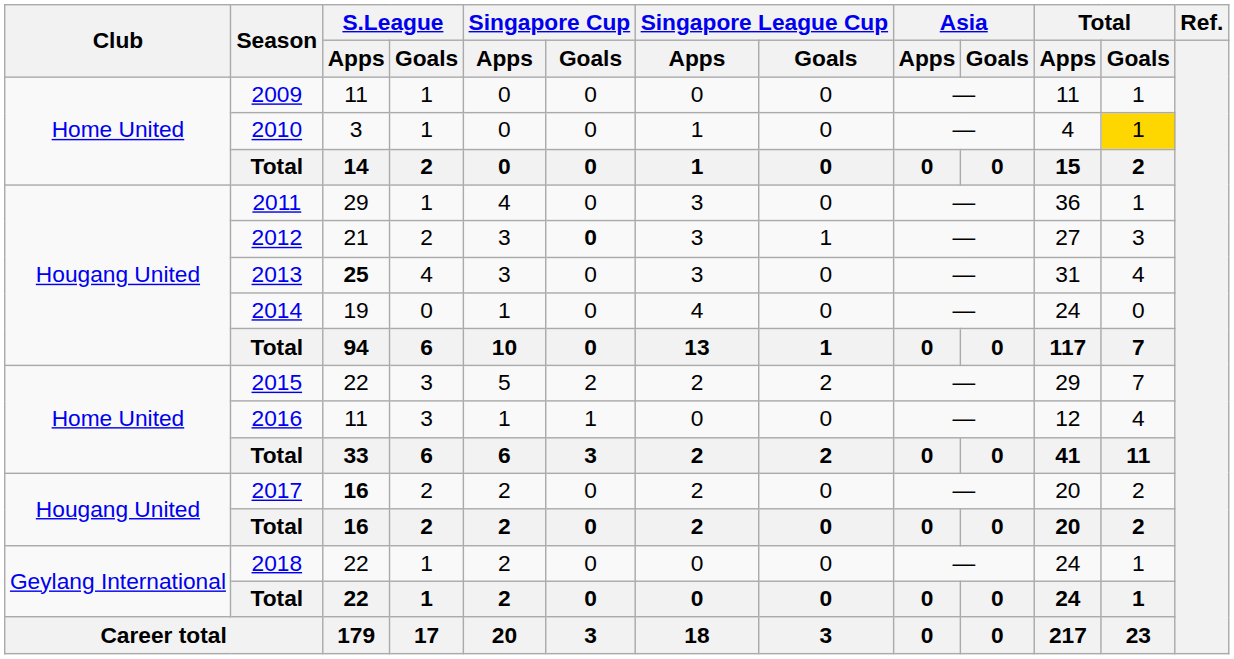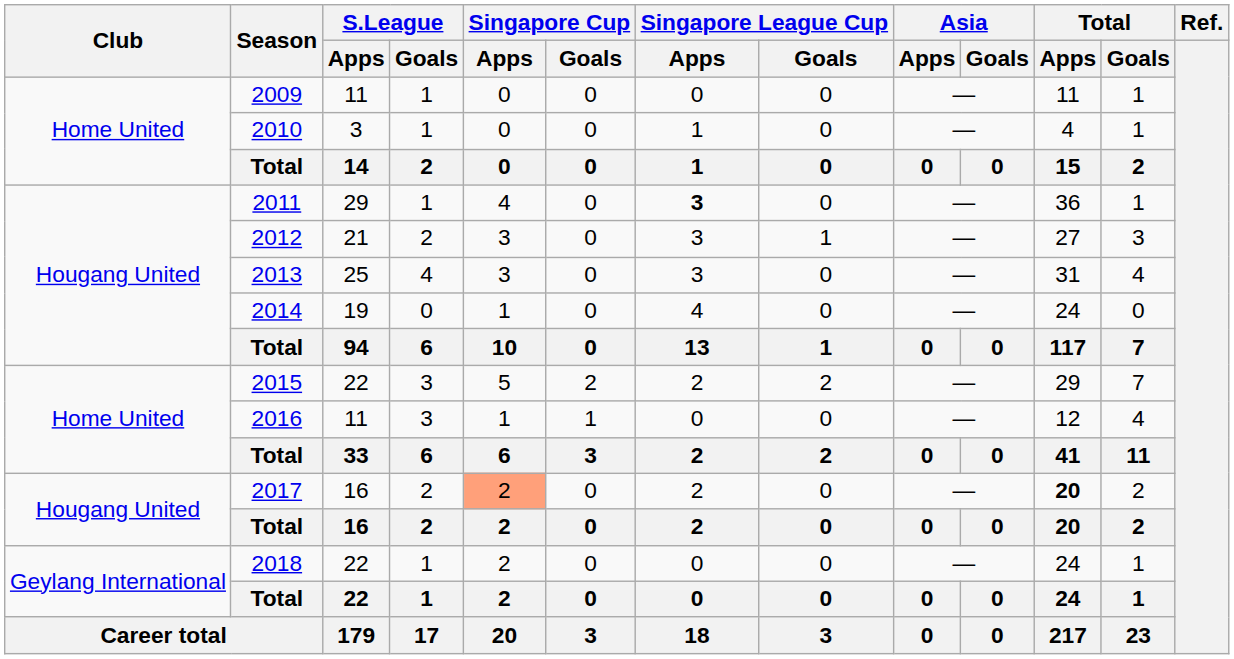 <table style="text-align:center" class="wikitable">
 <tr>
 <th rowspan="2">Club</th>
 <th rowspan="2">Season</th>
 <th colspan="2"><a href='#'>S.League</a></th>
 <th colspan="2"><a href='#'>Singapore Cup</a></th>
 <th colspan="2"><a href='#'>Singapore League Cup</a></th>
 <th colspan="2"><a href='#'>Asia</a></th>
 <th colspan="2">Total</th>
 <th>Ref.</th>
 </tr>
 <tr>
 <th>Apps</th>
 <th>Goals</th>
 <th>Apps</th>
 <th>Goals</th>
 <th>Apps</th>
 <th>Goals</th>
 <th>Apps</th>
 <th>Goals</th>
 <th>Apps</th>
 <th>Goals</th>
 <th rowspan="17"></th>
 </tr>
 <tr>
 <td rowspan="3"><a href='#'>Home United</a></td>
 <td><a href='#'>2009</a></td>
 <td>11</td>
 <td>1</td>
 <td>0</td>
 <td>0</td>
 <td>0</td>
 <td>0</td>
 <td colspan="2">—</td>
 <td>11</td>
 <td>1</td>
 </tr>
 <tr>
 <td><a href='#'>2010</a></td>
 <td>3</td>
 <td>1</td>
 <td>0</td>
 <td>0</td>
 <td>1</td>
 <td>0</td>
 <td colspan="2">—</td>
 <td>4</td>
-<td style="background: gold;">1</td>
+<td>1</td>
 </tr>
 <tr>
 <th>Total</th>
 <th>14</th>
 <th>2</th>
 <th>0</th>
 <th>0</th>
 <th>1</th>
 <th>0</th>
 <th>0</th>
 <th>0</th>
 <th>15</th>
 <th>2</th>
 </tr>
 <tr>
 <td rowspan="5"><a href='#'>Hougang United</a></td>
 <td><a href='#'>2011</a></td>
 <td>29</td>
 <td>1</td>
 <td>4</td>
 <td>0</td>
-<td>3</td>
+<td><strong>3</strong></td>
 <td>0</td>
 <td colspan="2">—</td>
 <td>36</td>
 <td>1</td>
 </tr>
 <tr>
 <td><a href='#'>2012</a></td>
 <td>21</td>
 <td>2</td>
 <td>3</td>
-<td><strong>0</strong></td>
+<td>0</td>
 <td>3</td>
 <td>1</td>
 <td colspan="2">—</td>
 <td>27</td>
 <td>3</td>
 </tr>
 <tr>
 <td><a href='#'>2013</a></td>
-<td><strong>25</strong></td>
+<td>25</td>
 <td>4</td>
 <td>3</td>
 <td>0</td>
 <td>3</td>
 <td>0</td>
 <td colspan="2">—</td>
 <td>31</td>
 <td>4</td>
 </tr>
 <tr>
 <td><a href='#'>2014</a></td>
 <td>19</td>
 <td>0</td>
 <td>1</td>
 <td>0</td>
 <td>4</td>
 <td>0</td>
 <td colspan="2">—</td>
 <td>24</td>
 <td>0</td>
 </tr>
 <tr>
 <th>Total</th>
 <th>94</th>
 <th>6</th>
 <th>10</th>
 <th>0</th>
 <th>13</th>
 <th>1</th>
 <th>0</th>
 <th>0</th>
 <th>117</th>
 <th>7</th>
 </tr>
 <tr>
 <td rowspan="3"><a href='#'>Home United</a></td>
 <td><a href='#'>2015</a></td>
 <td>22</td>
 <td>3</td>
 <td>5</td>
 <td>2</td>
 <td>2</td>
 <td>2</td>
 <td colspan="2">—</td>
 <td>29</td>
 <td>7</td>
 </tr>
 <tr>
 <td><a href='#'>2016</a></td>
 <td>11</td>
 <td>3</td>
 <td>1</td>
 <td>1</td>
 <td>0</td>
 <td>0</td>
 <td colspan="2">—</td>
 <td>12</td>
 <td>4</td>
 </tr>
 <tr>
 <th>Total</th>
 <th>33</th>
 <th>6</th>
 <th>6</th>
 <th>3</th>
 <th>2</th>
 <th>2</th>
 <th>0</th>
 <th>0</th>
 <th>41</th>
 <th>11</th>
 </tr>
 <tr>
 <td rowspan="2"><a href='#'>Hougang United</a></td>
 <td><a href='#'>2017</a></td>
-<td><strong>16</strong></td>
+<td>16</td>
 <td>2</td>
-<td>2</td>
+<td style="background: lightsalmon;">2</td>
 <td>0</td>
 <td>2</td>
 <td>0</td>
 <td colspan='2'>—</td>
-<td>20</td>
+<td><strong>20</strong></td>
 <td>2</td>
 </tr>
 <tr>
 <th>Total</th>
 <th>16</th>
 <th>2</th>
 <th>2</th>
 <th>0</th>
 <th>2</th>
 <th>0</th>
 <th>0</th>
 <th>0</th>
 <th>20</th>
 <th>2</th>
 </tr>
 <tr>
 <td rowspan="2"><a href='#'>Geylang International</a></td>
 <td><a href='#'>2018</a></td>
 <td>22</td>
 <td>1</td>
 <td>2</td>
 <td>0</td>
 <td>0</td>
 <td>0</td>
 <td colspan='2'>—</td>
 <td>24</td>
 <td>1</td>
 </tr>
 <tr>
 <th>Total</th>
 <th>22</th>
 <th>1</th>
 <th>2</th>
 <th>0</th>
 <th>0</th>
 <th>0</th>
 <th>0</th>
 <th>0</th>
 <th>24</th>
 <th>1</th>
 </tr>
 <tr>
 <th colspan="2">Career total</th>
 <th>179</th>
 <th>17</th>
 <th>20</th>
 <th>3</th>
 <th>18</th>
 <th>3</th>
 <th>0</th>
 <th>0</th>
 <th>217</th>
 <th>23</th>
 </tr>
 </table>
